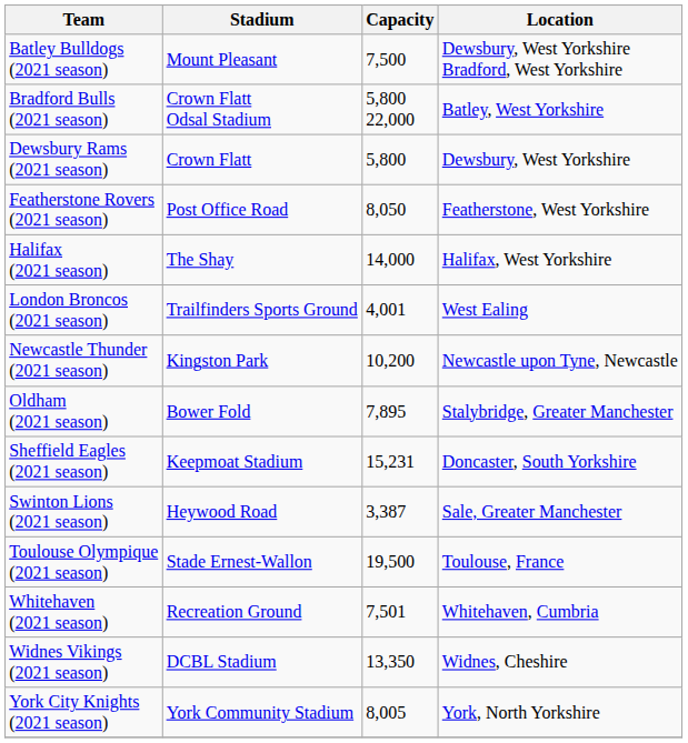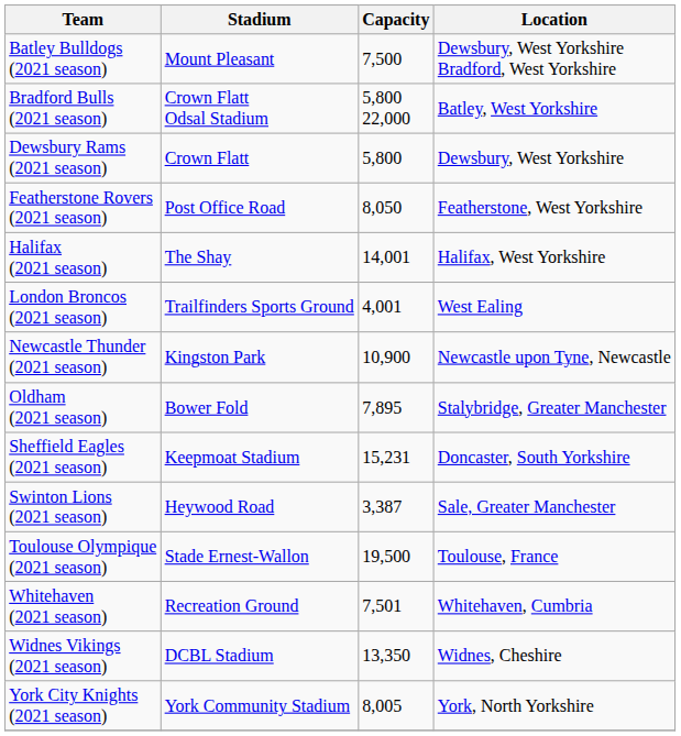 <table class="wikitable" style="font-size:95%;">
 <tr>
 <th>Team</th>
 <th>Stadium</th>
 <th>Capacity</th>
 <th>Location</th>
 </tr>
 <tr style="background:">
 <td> <a href='#'>Batley Bulldogs</a><br>(<a href='#'>2021 season</a>)</td>
 <td><a href='#'>Mount Pleasant</a></td>
 <td>7,500</td>
 <td><a href='#'>Dewsbury</a>, West Yorkshire<br><a href='#'>Bradford</a>, West Yorkshire</td>
 </tr>
 <tr>
 <td> <a href='#'>Bradford Bulls</a><br>(<a href='#'>2021 season</a>)</td>
 <td><a href='#'>Crown Flatt</a><br><a href='#'>Odsal Stadium</a></td>
 <td>5,800<br>22,000</td>
 <td><a href='#'>Batley</a>, <a href='#'>West Yorkshire</a></td>
 </tr>
 <tr>
 <td> <a href='#'>Dewsbury Rams</a><br>(<a href='#'>2021 season</a>)</td>
 <td><a href='#'>Crown Flatt</a></td>
 <td>5,800</td>
 <td><a href='#'>Dewsbury</a>, West Yorkshire</td>
 </tr>
 <tr>
 <td> <a href='#'>Featherstone Rovers</a><br>(<a href='#'>2021 season</a>)</td>
 <td><a href='#'>Post Office Road</a></td>
 <td>8,050</td>
 <td><a href='#'>Featherstone</a>, West Yorkshire</td>
 </tr>
 <tr>
 <td> <a href='#'>Halifax</a><br>(<a href='#'>2021 season</a>)</td>
 <td><a href='#'>The Shay</a></td>
-<td>14,000</td>
+<td>14,001</td>
 <td><a href='#'>Halifax</a>, West Yorkshire</td>
 </tr>
 <tr>
 <td> <a href='#'>London Broncos</a><br>(<a href='#'>2021 season</a>)</td>
 <td><a href='#'>Trailfinders Sports Ground</a></td>
 <td>4,001</td>
 <td><a href='#'>West Ealing</a></td>
 </tr>
 <tr>
 <td> <a href='#'>Newcastle Thunder</a><br>(<a href='#'>2021 season</a>)</td>
 <td><a href='#'>Kingston Park</a></td>
-<td>10,200</td>
+<td>10,900</td>
 <td><a href='#'>Newcastle upon Tyne</a>, Newcastle</td>
 </tr>
 <tr>
 <td> <a href='#'>Oldham</a><br>(<a href='#'>2021 season</a>)</td>
 <td><a href='#'>Bower Fold</a></td>
 <td>7,895</td>
 <td><a href='#'>Stalybridge</a>, <a href='#'>Greater Manchester</a></td>
 </tr>
 <tr>
 <td> <a href='#'>Sheffield Eagles</a><br>(<a href='#'>2021 season</a>)</td>
 <td><a href='#'>Keepmoat Stadium</a></td>
 <td>15,231</td>
 <td><a href='#'>Doncaster</a>, <a href='#'>South Yorkshire</a></td>
 </tr>
 <tr>
 <td> <a href='#'>Swinton Lions</a><br>(<a href='#'>2021 season</a>)</td>
 <td><a href='#'>Heywood Road</a></td>
 <td>3,387</td>
 <td><a href='#'>Sale, Greater Manchester</a></td>
 </tr>
 <tr>
 <td> <a href='#'>Toulouse Olympique</a><br>(<a href='#'>2021 season</a>)</td>
 <td><a href='#'>Stade Ernest-Wallon</a></td>
 <td>19,500</td>
 <td><a href='#'>Toulouse</a>, <a href='#'>France</a></td>
 </tr>
 <tr>
 <td> <a href='#'>Whitehaven</a><br>(<a href='#'>2021 season</a>)</td>
 <td><a href='#'>Recreation Ground</a></td>
 <td>7,501</td>
 <td><a href='#'>Whitehaven</a>, <a href='#'>Cumbria</a></td>
 </tr>
 <tr>
 <td> <a href='#'>Widnes Vikings</a><br>(<a href='#'>2021 season</a>)</td>
 <td><a href='#'>DCBL Stadium</a></td>
 <td>13,350</td>
 <td><a href='#'>Widnes</a>, Cheshire</td>
 </tr>
 <tr>
 <td> <a href='#'>York City Knights</a><br>(<a href='#'>2021 season</a>)</td>
 <td><a href='#'>York Community Stadium</a></td>
 <td>8,005</td>
 <td><a href='#'>York</a>, North Yorkshire</td>
 </tr>
 <tr>
 </tr>
 </table>
